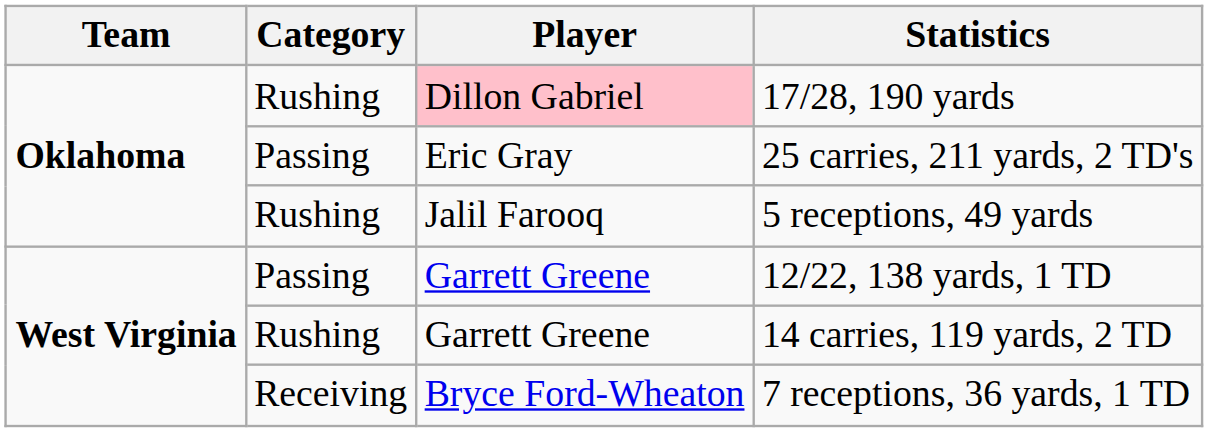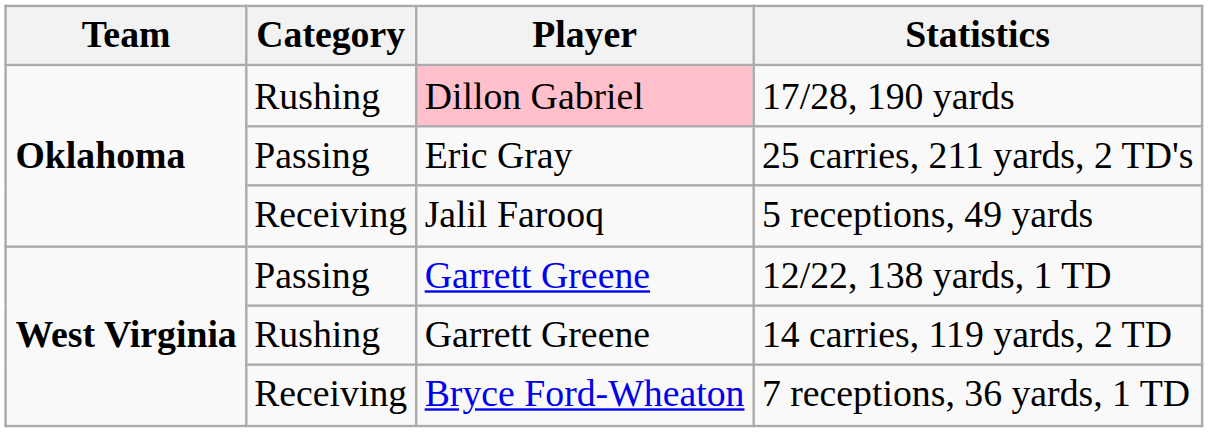 <table class="wikitable" style="float: right;">
 <tr>
 <th>Team</th>
 <th>Category</th>
 <th>Player</th>
 <th>Statistics</th>
 </tr>
 <tr>
 <td rowspan=3><strong>Oklahoma</strong></td>
 <td>Rushing</td>
 <td style="background: pink;">Dillon Gabriel</td>
 <td>17/28, 190 yards</td>
 </tr>
 <tr>
 <td>Passing</td>
 <td>Eric Gray</td>
 <td>25 carries, 211 yards, 2 TD's</td>
 </tr>
 <tr>
-<td>Rushing</td>
+<td>Receiving</td>
 <td>Jalil Farooq</td>
 <td>5 receptions, 49 yards</td>
 </tr>
 <tr>
 <td rowspan=3><strong>West Virginia</strong></td>
 <td>Passing</td>
 <td><a href='#'>Garrett Greene</a></td>
 <td>12/22, 138 yards, 1 TD</td>
 </tr>
 <tr>
 <td>Rushing</td>
 <td>Garrett Greene</td>
 <td>14 carries, 119 yards, 2 TD</td>
 </tr>
 <tr>
 <td>Receiving</td>
 <td><a href='#'>Bryce Ford-Wheaton</a></td>
 <td>7 receptions, 36 yards, 1 TD</td>
 </tr>
 </table>
